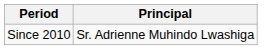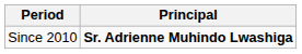 <table class=wikitable>
 <tr>
 <th>Period</th>
 <th>Principal</th>
 </tr>
 <tr>
 <td>Since 2010</td>
-<td>Sr. Adrienne Muhindo Lwashiga</td>
+<td><strong>Sr. Adrienne Muhindo Lwashiga</strong></td>
 </tr>
 </table>
